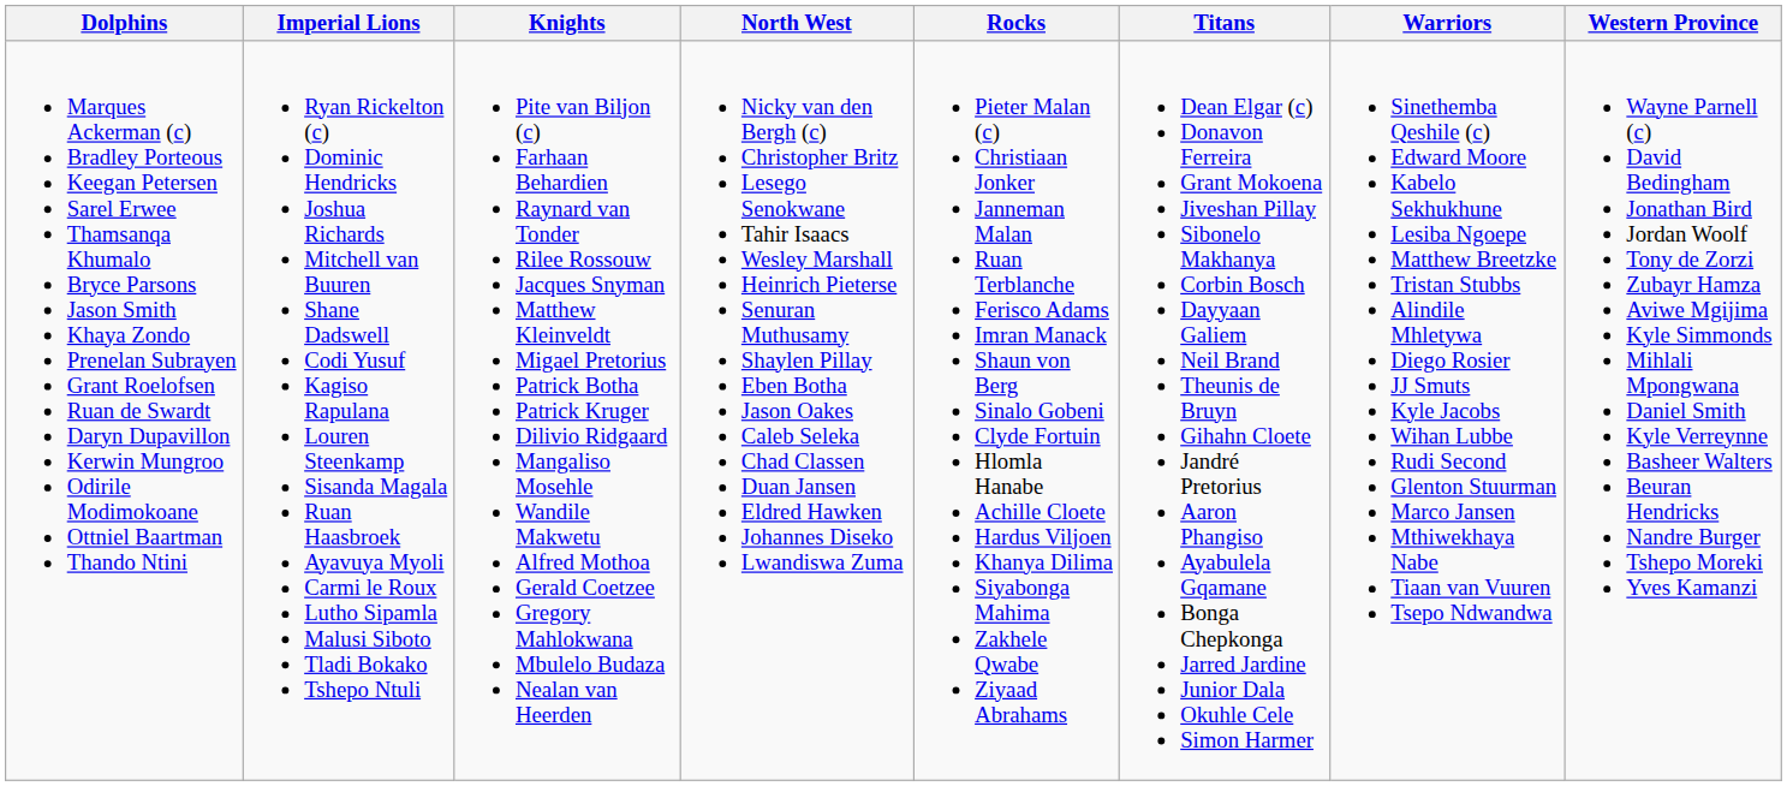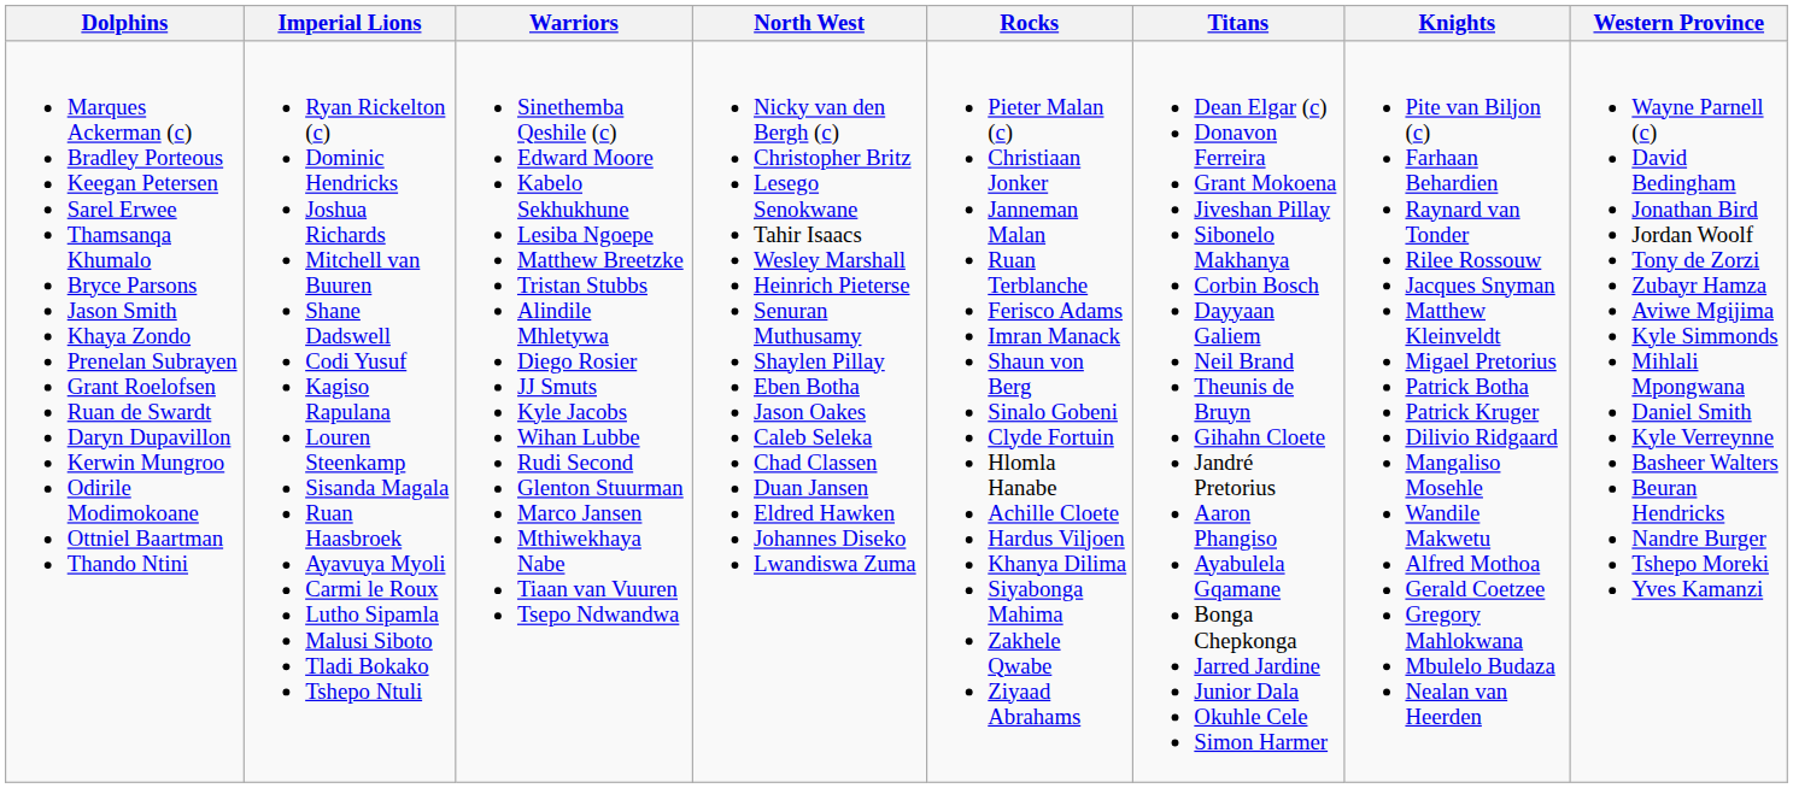 <table class="wikitable" style="text-align:left; margin:auto">
 <tr>
 <th><a href='#'>Dolphins</a></th>
 <th><a href='#'>Imperial Lions</a></th>
-<th><a href='#'>Knights</a></th>
+<th><a href='#'>Warriors</a></th>
 <th><a href='#'>North West</a></th>
 <th><a href='#'>Rocks</a></th>
 <th><a href='#'>Titans</a></th>
-<th><a href='#'>Warriors</a></th>
+<th><a href='#'>Knights</a></th>
 <th><a href='#'>Western Province</a></th>
 </tr>
 <tr style="vertical-align:top">
 <td><br><ul><li><a href='#'>Marques Ackerman</a> (<a href='#'>c</a>)</li><li><a href='#'>Bradley Porteous</a></li><li><a href='#'>Keegan Petersen</a></li><li><a href='#'>Sarel Erwee</a></li><li><a href='#'>Thamsanqa Khumalo</a></li><li><a href='#'>Bryce Parsons</a></li><li><a href='#'>Jason Smith</a></li><li><a href='#'>Khaya Zondo</a></li><li><a href='#'>Prenelan Subrayen</a></li><li><a href='#'>Grant Roelofsen</a></li><li><a href='#'>Ruan de Swardt</a></li><li><a href='#'>Daryn Dupavillon</a></li><li><a href='#'>Kerwin Mungroo</a></li><li><a href='#'>Odirile Modimokoane</a></li><li><a href='#'>Ottniel Baartman</a></li><li><a href='#'>Thando Ntini</a></li></ul></td>
 <td><br><ul><li><a href='#'>Ryan Rickelton</a> (<a href='#'>c</a>)</li><li><a href='#'>Dominic Hendricks</a></li><li><a href='#'>Joshua Richards</a></li><li><a href='#'>Mitchell van Buuren</a></li><li><a href='#'>Shane Dadswell</a></li><li><a href='#'>Codi Yusuf</a></li><li><a href='#'>Kagiso Rapulana</a></li><li><a href='#'>Louren Steenkamp</a></li><li><a href='#'>Sisanda Magala</a></li><li><a href='#'>Ruan Haasbroek</a></li><li><a href='#'>Ayavuya Myoli</a></li><li><a href='#'>Carmi le Roux</a></li><li><a href='#'>Lutho Sipamla</a></li><li><a href='#'>Malusi Siboto</a></li><li><a href='#'>Tladi Bokako</a></li><li><a href='#'>Tshepo Ntuli</a></li></ul></td>
-<td><br><ul><li><a href='#'>Pite van Biljon</a> (<a href='#'>c</a>)</li><li><a href='#'>Farhaan Behardien</a></li><li><a href='#'>Raynard van Tonder</a></li><li><a href='#'>Rilee Rossouw</a></li><li><a href='#'>Jacques Snyman</a></li><li><a href='#'>Matthew Kleinveldt</a></li><li><a href='#'>Migael Pretorius</a></li><li><a href='#'>Patrick Botha</a></li><li><a href='#'>Patrick Kruger</a></li><li><a href='#'>Dilivio Ridgaard</a></li><li><a href='#'>Mangaliso Mosehle</a></li><li><a href='#'>Wandile Makwetu</a></li><li><a href='#'>Alfred Mothoa</a></li><li><a href='#'>Gerald Coetzee</a></li><li><a href='#'>Gregory Mahlokwana</a></li><li><a href='#'>Mbulelo Budaza</a></li><li><a href='#'>Nealan van Heerden</a></li></ul></td>
+<td><br><ul><li><a href='#'>Sinethemba Qeshile</a> (<a href='#'>c</a>)</li><li><a href='#'>Edward Moore</a></li><li><a href='#'>Kabelo Sekhukhune</a></li><li><a href='#'>Lesiba Ngoepe</a></li><li><a href='#'>Matthew Breetzke</a></li><li><a href='#'>Tristan Stubbs</a></li><li><a href='#'>Alindile Mhletywa</a></li><li><a href='#'>Diego Rosier</a></li><li><a href='#'>JJ Smuts</a></li><li><a href='#'>Kyle Jacobs</a></li><li><a href='#'>Wihan Lubbe</a></li><li><a href='#'>Rudi Second</a></li><li><a href='#'>Glenton Stuurman</a></li><li><a href='#'>Marco Jansen</a></li><li><a href='#'>Mthiwekhaya Nabe</a></li><li><a href='#'>Tiaan van Vuuren</a></li><li><a href='#'>Tsepo Ndwandwa</a></li></ul></td>
 <td><br><ul><li><a href='#'>Nicky van den Bergh</a> (<a href='#'>c</a>)</li><li><a href='#'>Christopher Britz</a></li><li><a href='#'>Lesego Senokwane</a></li><li>Tahir Isaacs</li><li><a href='#'>Wesley Marshall</a></li><li><a href='#'>Heinrich Pieterse</a></li><li><a href='#'>Senuran Muthusamy</a></li><li><a href='#'>Shaylen Pillay</a></li><li><a href='#'>Eben Botha</a></li><li><a href='#'>Jason Oakes</a></li><li><a href='#'>Caleb Seleka</a></li><li><a href='#'>Chad Classen</a></li><li><a href='#'>Duan Jansen</a></li><li><a href='#'>Eldred Hawken</a></li><li><a href='#'>Johannes Diseko</a></li><li><a href='#'>Lwandiswa Zuma</a></li></ul></td>
 <td><br><ul><li><a href='#'>Pieter Malan</a> (<a href='#'>c</a>)</li><li><a href='#'>Christiaan Jonker</a></li><li><a href='#'>Janneman Malan</a></li><li><a href='#'>Ruan Terblanche</a></li><li><a href='#'>Ferisco Adams</a></li><li><a href='#'>Imran Manack</a></li><li><a href='#'>Shaun von Berg</a></li><li><a href='#'>Sinalo Gobeni</a></li><li><a href='#'>Clyde Fortuin</a></li><li>Hlomla Hanabe</li><li><a href='#'>Achille Cloete</a></li><li><a href='#'>Hardus Viljoen</a></li><li><a href='#'>Khanya Dilima</a></li><li><a href='#'>Siyabonga Mahima</a></li><li><a href='#'>Zakhele Qwabe</a></li><li><a href='#'>Ziyaad Abrahams</a></li></ul></td>
 <td><br><ul><li><a href='#'>Dean Elgar</a> (<a href='#'>c</a>)</li><li><a href='#'>Donavon Ferreira</a></li><li><a href='#'>Grant Mokoena</a></li><li><a href='#'>Jiveshan Pillay</a></li><li><a href='#'>Sibonelo Makhanya</a></li><li><a href='#'>Corbin Bosch</a></li><li><a href='#'>Dayyaan Galiem</a></li><li><a href='#'>Neil Brand</a></li><li><a href='#'>Theunis de Bruyn</a></li><li><a href='#'>Gihahn Cloete</a></li><li>Jandré Pretorius</li><li><a href='#'>Aaron Phangiso</a></li><li><a href='#'>Ayabulela Gqamane</a></li><li>Bonga Chepkonga</li><li><a href='#'>Jarred Jardine</a></li><li><a href='#'>Junior Dala</a></li><li><a href='#'>Okuhle Cele</a></li><li><a href='#'>Simon Harmer</a></li></ul></td>
-<td><br><ul><li><a href='#'>Sinethemba Qeshile</a> (<a href='#'>c</a>)</li><li><a href='#'>Edward Moore</a></li><li><a href='#'>Kabelo Sekhukhune</a></li><li><a href='#'>Lesiba Ngoepe</a></li><li><a href='#'>Matthew Breetzke</a></li><li><a href='#'>Tristan Stubbs</a></li><li><a href='#'>Alindile Mhletywa</a></li><li><a href='#'>Diego Rosier</a></li><li><a href='#'>JJ Smuts</a></li><li><a href='#'>Kyle Jacobs</a></li><li><a href='#'>Wihan Lubbe</a></li><li><a href='#'>Rudi Second</a></li><li><a href='#'>Glenton Stuurman</a></li><li><a href='#'>Marco Jansen</a></li><li><a href='#'>Mthiwekhaya Nabe</a></li><li><a href='#'>Tiaan van Vuuren</a></li><li><a href='#'>Tsepo Ndwandwa</a></li></ul></td>
+<td><br><ul><li><a href='#'>Pite van Biljon</a> (<a href='#'>c</a>)</li><li><a href='#'>Farhaan Behardien</a></li><li><a href='#'>Raynard van Tonder</a></li><li><a href='#'>Rilee Rossouw</a></li><li><a href='#'>Jacques Snyman</a></li><li><a href='#'>Matthew Kleinveldt</a></li><li><a href='#'>Migael Pretorius</a></li><li><a href='#'>Patrick Botha</a></li><li><a href='#'>Patrick Kruger</a></li><li><a href='#'>Dilivio Ridgaard</a></li><li><a href='#'>Mangaliso Mosehle</a></li><li><a href='#'>Wandile Makwetu</a></li><li><a href='#'>Alfred Mothoa</a></li><li><a href='#'>Gerald Coetzee</a></li><li><a href='#'>Gregory Mahlokwana</a></li><li><a href='#'>Mbulelo Budaza</a></li><li><a href='#'>Nealan van Heerden</a></li></ul></td>
 <td><br><ul><li><a href='#'>Wayne Parnell</a> (<a href='#'>c</a>)</li><li><a href='#'>David Bedingham</a></li><li><a href='#'>Jonathan Bird</a></li><li>Jordan Woolf</li><li><a href='#'>Tony de Zorzi</a></li><li><a href='#'>Zubayr Hamza</a></li><li><a href='#'>Aviwe Mgijima</a></li><li><a href='#'>Kyle Simmonds</a></li><li><a href='#'>Mihlali Mpongwana</a></li><li><a href='#'>Daniel Smith</a></li><li><a href='#'>Kyle Verreynne</a></li><li><a href='#'>Basheer Walters</a></li><li><a href='#'>Beuran Hendricks</a></li><li><a href='#'>Nandre Burger</a></li><li><a href='#'>Tshepo Moreki</a></li><li><a href='#'>Yves Kamanzi</a></li></ul></td>
 </tr>
 </table>
